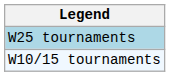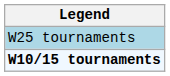 <table class="wikitable" style="font-size:85%;">
 <tr>
 <th>Legend</th>
 </tr>
 <tr style="background:lightblue;">
 <td>W25 tournaments</td>
 </tr>
 <tr style="background:#f0f8ff;">
-<td>W10/15 tournaments</td>
+<td><strong>W10/15 tournaments</strong></td>
 </tr>
 </table>
